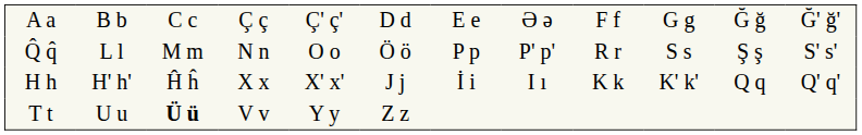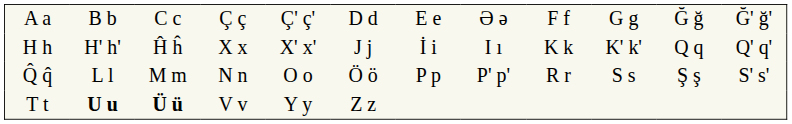 <table style="font-family:Arial Unicode MS; font-size:1.4em; border-color:#000000; border-width:1px; border-style:solid; border-collapse:collapse; background-color:#F8F8EF">
 <tr>
 <td style="width:3em; text-align:center; padding: 3px;">A a</td>
 <td style="width:3em; text-align:center; padding: 3px;">B b</td>
 <td style="width:3em; text-align:center; padding: 3px;">C c</td>
 <td style="width:3em; text-align:center; padding: 3px;">Ç ç</td>
 <td style="width:3em; text-align:center; padding: 3px;">Ç' ç'</td>
 <td style="width:3em; text-align:center; padding: 3px;">D d</td>
 <td style="width:3em; text-align:center; padding: 3px;">E e</td>
 <td style="width:3em; text-align:center; padding: 3px;">Ә ә</td>
 <td style="width:3em; text-align:center; padding: 3px;">F f</td>
 <td style="width:3em; text-align:center; padding: 3px;">G g</td>
 <td style="width:3em; text-align:center; padding: 3px;">Ğ ğ</td>
 <td style="width:3em; text-align:center; padding: 3px;">Ğ' ğ'</td>
 </tr>
 <tr>
+<td style="width:3em; text-align:center; padding: 3px;">H h</td>
+<td style="width:3em; text-align:center; padding: 3px;">H' h'</td>
+<td style="width:3em; text-align:center; padding: 3px;">Ĥ ĥ</td>
+<td style="width:3em; text-align:center; padding: 3px;">X x</td>
+<td style="width:3em; text-align:center; padding: 3px;">X' x'</td>
+<td style="width:3em; text-align:center; padding: 3px;">J j</td>
+<td style="width:3em; text-align:center; padding: 3px;">İ i</td>
+<td style="width:3em; text-align:center; padding: 3px;">I ı</td>
+<td style="width:3em; text-align:center; padding: 3px;">K k</td>
+<td style="width:3em; text-align:center; padding: 3px;">K' k'</td>
+<td style="width:3em; text-align:center; padding: 3px;">Q q</td>
+<td style="width:3em; text-align:center; padding: 3px;">Q' q'</td>
+</tr>
+<tr>
 <td style="width:3em; text-align:center; padding: 3px;">Q̂ q̂</td>
 <td style="width:3em; text-align:center; padding: 3px;">L l</td>
 <td style="width:3em; text-align:center; padding: 3px;">M m</td>
 <td style="width:3em; text-align:center; padding: 3px;">N n</td>
 <td style="width:3em; text-align:center; padding: 3px;">O o</td>
 <td style="width:3em; text-align:center; padding: 3px;">Ö ö</td>
 <td style="width:3em; text-align:center; padding: 3px;">P p</td>
 <td style="width:3em; text-align:center; padding: 3px;">P' p'</td>
 <td style="width:3em; text-align:center; padding: 3px;">R r</td>
 <td style="width:3em; text-align:center; padding: 3px;">S s</td>
 <td style="width:3em; text-align:center; padding: 3px;">Ş ş</td>
 <td style="width:3em; text-align:center; padding: 3px;">S' s'</td>
 </tr>
 <tr>
-<td style="width:3em; text-align:center; padding: 3px;">H h</td>
-<td style="width:3em; text-align:center; padding: 3px;">H' h'</td>
-<td style="width:3em; text-align:center; padding: 3px;">Ĥ ĥ</td>
-<td style="width:3em; text-align:center; padding: 3px;">X x</td>
-<td style="width:3em; text-align:center; padding: 3px;">X' x'</td>
-<td style="width:3em; text-align:center; padding: 3px;">J j</td>
-<td style="width:3em; text-align:center; padding: 3px;">İ i</td>
-<td style="width:3em; text-align:center; padding: 3px;">I ı</td>
-<td style="width:3em; text-align:center; padding: 3px;">K k</td>
-<td style="width:3em; text-align:center; padding: 3px;">K' k'</td>
-<td style="width:3em; text-align:center; padding: 3px;">Q q</td>
-<td style="width:3em; text-align:center; padding: 3px;">Q' q'</td>
-</tr>
-<tr>
 <td style="width:3em; text-align:center; padding: 3px;">T t</td>
-<td style="width:3em; text-align:center; padding: 3px;">U u</td>
+<td style="width:3em; text-align:center; padding: 3px;"><strong>U u</strong></td>
 <td style="width:3em; text-align:center; padding: 3px;"><strong>Ü ü</strong></td>
 <td style="width:3em; text-align:center; padding: 3px;">V v</td>
 <td style="width:3em; text-align:center; padding: 3px;">Y y</td>
 <td style="width:3em; text-align:center; padding: 3px;">Z z</td>
 </tr>
 </table>
